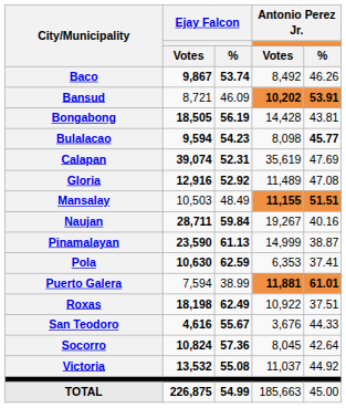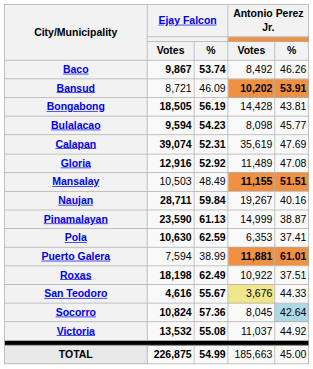 <table class="wikitable collapsible collapsed" style="text-align:right; font-size:95%; line-height:20px;">
 <tr>
 <th rowspan="3" width="200">City/Municipality</th>
 <th colspan="2" width="110"><a href='#'>Ejay Falcon</a></th>
 <th colspan="2" width="110">Antonio Perez Jr.</th>
 </tr>
 <tr>
 <th colspan="2" style="background:"></th>
 <th colspan="2" style="background-color:#F09042;"></th>
 </tr>
 <tr>
 <th>Votes</th>
 <th>%</th>
 <th>Votes</th>
 <th>%</th>
 </tr>
 <tr>
 <th scope="row"><a href='#'>Baco</a></th>
 <td style="background:"><strong>9,867</strong></td>
 <td style="background:"><strong>53.74</strong></td>
 <td>8,492</td>
 <td>46.26</td>
 </tr>
 <tr>
 <th scope="row"><a href='#'>Bansud</a></th>
 <td>8,721</td>
 <td>46.09</td>
 <td style="background-color:#F09042;"><strong>10,202</strong></td>
 <td style="background-color:#F09042;"><strong>53.91</strong></td>
 </tr>
 <tr>
 <th scope="row"><a href='#'>Bongabong</a></th>
 <td style="background:"><strong>18,505</strong></td>
 <td style="background:"><strong>56.19</strong></td>
 <td>14,428</td>
 <td>43.81</td>
 </tr>
 <tr>
 <th scope="row"><a href='#'>Bulalacao</a></th>
 <td style="background:"><strong>9,594</strong></td>
 <td style="background:"><strong>54.23</strong></td>
 <td>8,098</td>
-<td><strong>45.77</strong></td>
+<td>45.77</td>
 </tr>
 <tr>
 <th scope="row"><a href='#'>Calapan</a></th>
 <td style="background:"><strong>39,074</strong></td>
 <td style="background:"><strong>52.31</strong></td>
 <td>35,619</td>
 <td>47.69</td>
 </tr>
 <tr>
 <th scope="row"><a href='#'>Gloria</a></th>
 <td style="background:"><strong>12,916</strong></td>
 <td style="background:"><strong>52.92</strong></td>
 <td>11,489</td>
 <td>47.08</td>
 </tr>
 <tr>
 <th scope="row"><a href='#'>Mansalay</a></th>
 <td>10,503</td>
 <td>48.49</td>
 <td style="background-color:#F09042;"><strong>11,155</strong></td>
 <td style="background-color:#F09042;"><strong>51.51</strong></td>
 </tr>
 <tr>
 <th scope="row"><a href='#'>Naujan</a></th>
 <td style="background:"><strong>28,711</strong></td>
 <td style="background:"><strong>59.84</strong></td>
 <td>19,267</td>
 <td>40.16</td>
 </tr>
 <tr>
 <th scope="row"><a href='#'>Pinamalayan</a></th>
 <td style="background:"><strong>23,590</strong></td>
 <td style="background:"><strong>61.13</strong></td>
 <td>14,999</td>
 <td>38.87</td>
 </tr>
 <tr>
 <th scope="row"><a href='#'>Pola</a></th>
 <td style="background:"><strong>10,630</strong></td>
 <td style="background:"><strong>62.59</strong></td>
 <td>6,353</td>
 <td>37.41</td>
 </tr>
 <tr>
 <th scope="row"><a href='#'>Puerto Galera</a></th>
 <td>7,594</td>
 <td>38.99</td>
 <td style="background-color:#F09042;"><strong>11,881</strong></td>
 <td style="background-color:#F09042;"><strong>61.01</strong></td>
 </tr>
 <tr>
 <th scope="row"><a href='#'>Roxas</a></th>
 <td style="background:"><strong>18,198</strong></td>
 <td style="background:"><strong>62.49</strong></td>
 <td>10,922</td>
 <td>37.51</td>
 </tr>
 <tr>
 <th scope="row"><a href='#'>San Teodoro</a></th>
 <td style="background:"><strong>4,616</strong></td>
 <td style="background:"><strong>55.67</strong></td>
-<td>3,676</td>
+<td style="background: khaki;">3,676</td>
 <td>44.33</td>
 </tr>
 <tr>
 <th scope="row"><a href='#'>Socorro</a></th>
 <td style="background:"><strong>10,824</strong></td>
 <td style="background:"><strong>57.36</strong></td>
 <td>8,045</td>
-<td>42.64</td>
+<td style="background: lightblue;">42.64</td>
 </tr>
 <tr>
 <th scope="row"><a href='#'>Victoria</a></th>
 <td style="background:"><strong>13,532</strong></td>
 <td style="background:"><strong>55.08</strong></td>
 <td>11,037</td>
 <td>44.92</td>
 </tr>
 <tr>
 <td colspan=5 bgcolor=black></td>
 </tr>
 <tr>
 <td style="background:#E9E9E9;" align="center"><strong>TOTAL</strong></td>
 <td style="background:"><strong>226,875</strong></td>
 <td style="background:"><strong>54.99</strong></td>
 <td>185,663</td>
 <td>45.00</td>
 </tr>
 </table>
